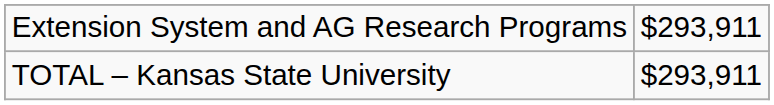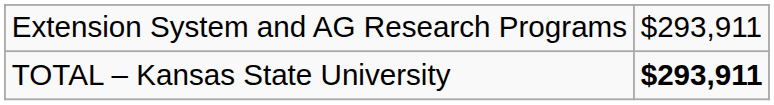 <table class="wikitable">
 <tr>
 <td>Extension System and AG Research Programs</td>
 <td>$293,911</td>
 </tr>
 <tr>
 <td>TOTAL – Kansas State University</td>
-<td>$293,911</td>
+<td><strong>$293,911</strong></td>
 </tr>
 </table>
